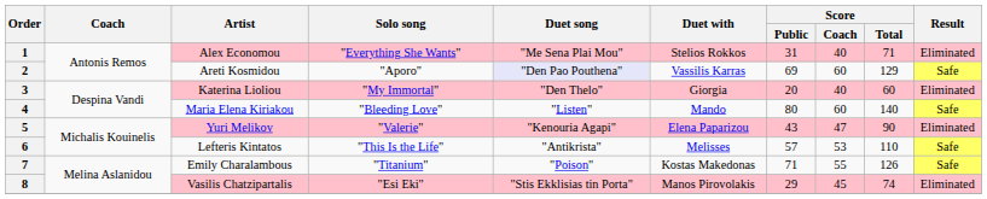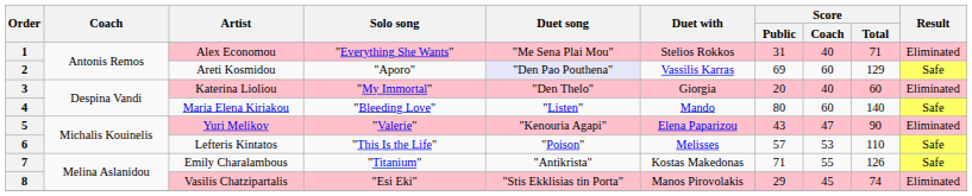 <table class="wikitable" style="text-align:center; line-height:17px; width:100%;">
 <tr>
 <th rowspan="2" width="04%">Order</th>
 <th rowspan="2" width="13%">Coach</th>
 <th rowspan="2" width="14%">Artist</th>
 <th rowspan="2" width="19%">Solo song</th>
 <th rowspan="2" width="16%">Duet song</th>
 <th rowspan="2" width="12%">Duet with</th>
 <th colspan="3" width="14%">Score</th>
 <th rowspan="2" width="08%">Result</th>
 </tr>
 <tr>
 <th width="05%">Public</th>
 <th width="05%">Coach</th>
 <th width="05%">Total</th>
 </tr>
 <tr>
 <th>1</th>
 <td rowspan="2">Antonis Remos</td>
 <td style="background:pink;">Alex Economou</td>
 <td style="background:pink;">"<a href='#'>Everything She Wants</a>"</td>
 <td style="background:pink;">"Me Sena Plai Mou"</td>
 <td style="background:pink;">Stelios Rokkos</td>
 <td style="background:pink;">31</td>
 <td style="background:pink;">40</td>
 <td style="background:pink;">71</td>
 <td style="background:pink;">Eliminated</td>
 </tr>
 <tr>
 <th>2</th>
 <td>Areti Kosmidou</td>
 <td>"Aporo"</td>
 <td style="background: lavender;">"Den Pao Pouthena"</td>
 <td><a href='#'>Vassilis Karras</a></td>
 <td>69</td>
 <td>60</td>
 <td>129</td>
 <td style="background:#FFFF66">Safe</td>
 </tr>
 <tr>
 <th>3</th>
 <td rowspan="2">Despina Vandi</td>
 <td style="background:pink;">Katerina Lioliou</td>
 <td style="background:pink;">"<a href='#'>My Immortal</a>"</td>
 <td style="background:pink;">"Den Thelo"</td>
 <td style="background:pink;">Giorgia</td>
 <td style="background:pink;">20</td>
 <td style="background:pink;">40</td>
 <td style="background:pink;">60</td>
 <td style="background:pink;">Eliminated</td>
 </tr>
 <tr>
 <th>4</th>
 <td><a href='#'>Maria Elena Kiriakou</a></td>
 <td>"<a href='#'>Bleeding Love</a>"</td>
 <td>"<a href='#'>Listen</a>"</td>
 <td><a href='#'>Mando</a></td>
 <td>80</td>
 <td>60</td>
 <td>140</td>
 <td style="background:#FFFF66">Safe</td>
 </tr>
 <tr>
 <th>5</th>
 <td rowspan="2">Michalis Kouinelis</td>
 <td style="background:pink;"><a href='#'>Yuri Melikov</a></td>
 <td style="background:pink;">"<a href='#'>Valerie</a>"</td>
 <td style="background:pink;">"Kenouria Agapi"</td>
 <td style="background:pink;"><a href='#'>Elena Paparizou</a></td>
 <td style="background:pink;">43</td>
 <td style="background:pink;">47</td>
 <td style="background:pink;">90</td>
 <td style="background:pink;">Eliminated</td>
 </tr>
 <tr>
 <th>6</th>
 <td>Lefteris Kintatos</td>
 <td>"<a href='#'>This Is the Life</a>"</td>
-<td>"Antikrista"</td>
+<td>"<a href='#'>Poison</a>"</td>
 <td><a href='#'>Melisses</a></td>
 <td>57</td>
 <td>53</td>
 <td>110</td>
 <td style="background:#FFFF66">Safe</td>
 </tr>
 <tr>
 <th>7</th>
 <td rowspan="2">Melina Aslanidou</td>
 <td>Emily Charalambous</td>
 <td>"<a href='#'>Titanium</a>"</td>
-<td>"<a href='#'>Poison</a>"</td>
+<td>"Antikrista"</td>
 <td>Kostas Makedonas</td>
 <td>71</td>
 <td>55</td>
 <td>126</td>
 <td style="background:#FFFF66">Safe</td>
 </tr>
 <tr>
 <th>8</th>
 <td style="background:pink;">Vasilis Chatzipartalis</td>
 <td style="background:pink;">"Esi Eki"</td>
 <td style="background:pink;">"Stis Ekklisias tin Porta"</td>
 <td style="background:pink;">Manos Pirovolakis</td>
 <td style="background:pink;">29</td>
 <td style="background:pink;">45</td>
 <td style="background:pink;">74</td>
 <td style="background:pink;">Eliminated</td>
 </tr>
 <tr>
 </tr>
 </table>
